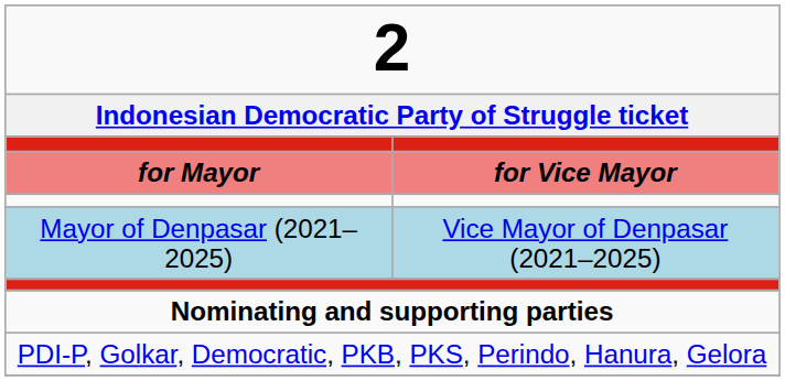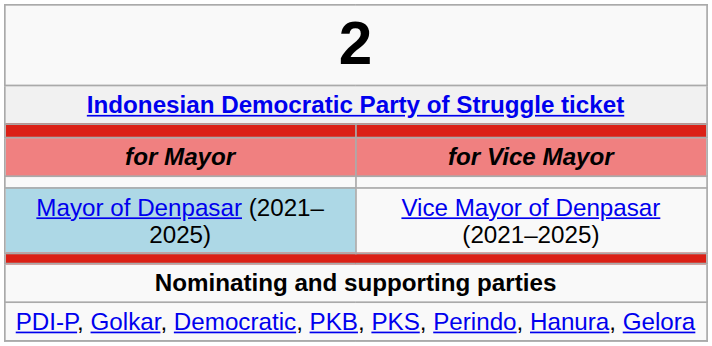 <table class="wikitable" style="font-size:90%; text-align:center;">
 <tr>
 <td colspan=2><big><big><big><big><big><strong>2</strong></big></big></big></big></big></td>
 </tr>
 <tr>
 <td colspan="2" style="background:#f1f1f1;"><strong><a href='#'>Indonesian Democratic Party of Struggle ticket</a></strong></td>
 </tr>
 <tr>
 <th style="width:3em; font-size:135%; background:#DB2016; width:200px;"><a href='#'></a></th>
 <th style="width:3em; font-size:135%; background:#DB2016; width:200px;"><a href='#'></a></th>
 </tr>
 <tr style="color:#000; font-size:100%; background:#F08080;">
 <td style="width:3em; width:200px;"><strong><em>for Mayor</em></strong></td>
 <td style="width:3em; width:200px;"><strong><em>for Vice Mayor </em></strong></td>
 </tr>
 <tr>
 <td></td>
 <td></td>
 </tr>
 <tr>
 <td style="background: lightblue;"><a href='#'>Mayor of Denpasar</a> (2021–2025)</td>
-<td style="background: lightblue;"><a href='#'>Vice Mayor of Denpasar</a> (2021–2025)</td>
+<td><a href='#'>Vice Mayor of Denpasar</a> (2021–2025)</td>
 </tr>
 <tr>
 <td colspan=2 style="background:#DB2016"></td>
 </tr>
 <tr>
 <td colspan="2"><strong>Nominating and supporting parties</strong></td>
 </tr>
 <tr>
 <td colspan="2"><a href='#'>PDI-P</a>, <a href='#'>Golkar</a>, <a href='#'>Democratic</a>, <a href='#'>PKB</a>, <a href='#'>PKS</a>, <a href='#'>Perindo</a>, <a href='#'>Hanura</a>, <a href='#'>Gelora</a></td>
 </tr>
 <tr>
 </tr>
 </table>
